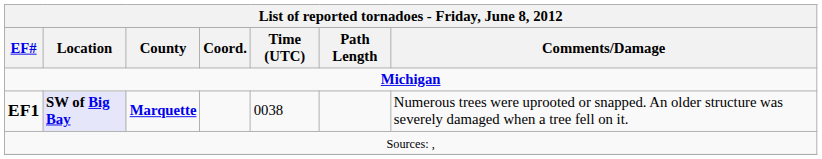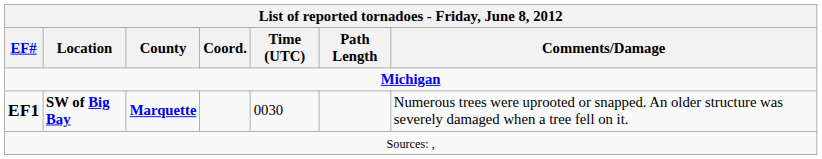 <table class="wikitable collapsible" width="100%">
 <tr>
 <th colspan="7">List of reported tornadoes - Friday, June 8, 2012</th>
 </tr>
 <tr>
 <th><a href='#'>EF#</a></th>
 <th>Location</th>
 <th>County</th>
 <th>Coord.</th>
 <th>Time (UTC)</th>
 <th>Path Length</th>
 <th>Comments/Damage</th>
 </tr>
 <tr>
 <td colspan="7" align=center><strong><a href='#'>Michigan</a></strong></td>
 </tr>
 <tr>
 <td><big><strong>EF1</strong></big></td>
-<td style="background: lavender;"><strong>SW of <a href='#'>Big Bay</a></strong></td>
+<td><strong>SW of <a href='#'>Big Bay</a></strong></td>
 <td><strong><a href='#'>Marquette</a></strong></td>
 <td></td>
-<td>0038</td>
+<td>0030</td>
 <td></td>
 <td>Numerous trees were uprooted or snapped. An older structure was severely damaged when a tree fell on it.</td>
 </tr>
 <tr>
 <td colspan="7" align=center><small>Sources: , </small></td>
 </tr>
 <tr>
 </tr>
 </table>
